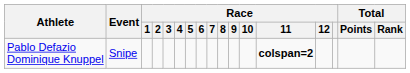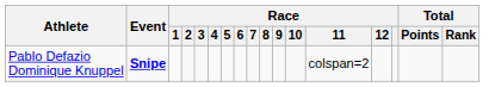 <table class=wikitable style=font-size:90%;text-align:center>
 <tr>
 <th rowspan=2>Athlete</th>
 <th rowspan=2>Event</th>
 <th colspan=13>Race</th>
 <th colspan=2>Total</th>
 </tr>
 <tr style=font-size:95%>
 <th>1</th>
 <th>2</th>
 <th>3</th>
 <th>4</th>
 <th>5</th>
 <th>6</th>
 <th>7</th>
 <th>8</th>
 <th>9</th>
 <th>10</th>
 <th>11</th>
 <th>12</th>
 <th></th>
 <th>Points</th>
 <th>Rank</th>
 </tr>
 <tr>
 <td align=left><a href='#'>Pablo Defazio</a><br><a href='#'>Dominique Knuppel</a></td>
-<td align=left><a href='#'>Snipe</a></td>
+<td align=left><strong><a href='#'>Snipe</a></strong></td>
 <td></td>
 <td></td>
 <td></td>
 <td></td>
 <td></td>
 <td></td>
 <td></td>
 <td></td>
 <td></td>
 <td></td>
-<td><strong>colspan=2 </strong></td>
+<td>colspan=2 </td>
 <td></td>
 <td></td>
 <td></td>
 </tr>
 </table>
